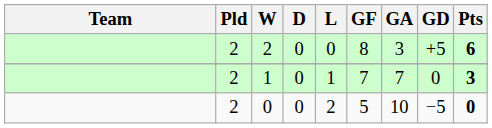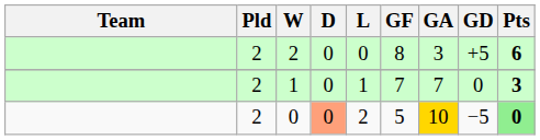 <table class="wikitable" style="text-align: center;">
 <tr>
 <th width="175">Team</th>
 <th width="20">Pld</th>
 <th width="20">W</th>
 <th width="20">D</th>
 <th width="20">L</th>
 <th width="20">GF</th>
 <th width="20">GA</th>
 <th width="20">GD</th>
 <th width="20">Pts</th>
 </tr>
 <tr bgcolor="#ccffcc">
 <td align="left"></td>
 <td>2</td>
 <td>2</td>
 <td>0</td>
 <td>0</td>
 <td>8</td>
 <td>3</td>
 <td>+5</td>
 <td><strong>6</strong></td>
 </tr>
 <tr>
 </tr>
 <tr bgcolor="#ccffcc">
 <td align="left"></td>
 <td>2</td>
 <td>1</td>
 <td>0</td>
 <td>1</td>
 <td>7</td>
 <td>7</td>
 <td>0</td>
 <td><strong>3</strong></td>
 </tr>
 <tr>
 <td align="left"></td>
 <td>2</td>
 <td>0</td>
-<td>0</td>
+<td style="background: lightsalmon;">0</td>
 <td>2</td>
 <td>5</td>
-<td>10</td>
+<td style="background: gold;">10</td>
 <td>−5</td>
-<td><strong>0</strong></td>
+<td style="background: lightgreen;"><strong>0</strong></td>
 </tr>
 </table>
